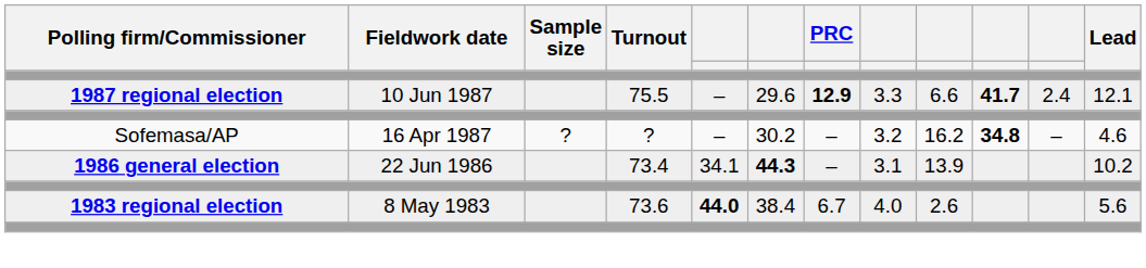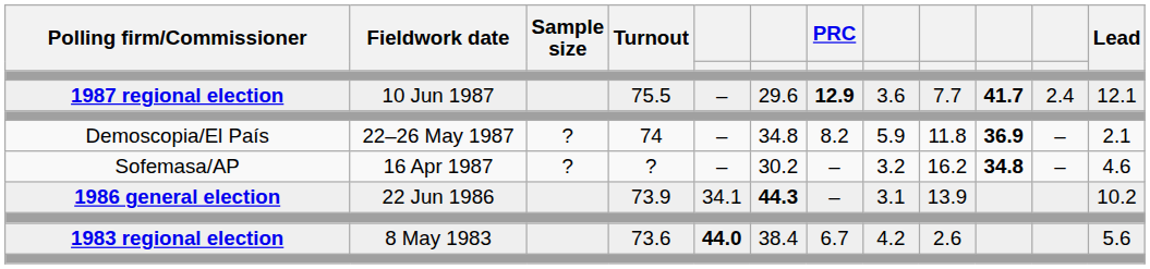 <table class="wikitable collapsible collapsed" style="text-align:center; font-size:95%; line-height:16px;">
 <tr style="height:42px;">
 <th style="width:250px;" rowspan="2">Polling firm/Commissioner</th>
 <th style="width:125px;" rowspan="2">Fieldwork date</th>
 <th style="width:50px;" rowspan="2">Sample size</th>
 <th style="width:45px;" rowspan="2">Turnout</th>
 <th style="width:35px;"></th>
 <th style="width:35px;"></th>
 <th style="width:35px;"><a href='#'>PRC</a></th>
 <th style="width:35px;"></th>
 <th style="width:35px;"></th>
 <th style="width:35px;"></th>
 <th style="width:35px;"></th>
 <th style="width:30px;" rowspan="2">Lead</th>
 </tr>
 <tr>
 <th style="color:inherit;background:"></th>
 <th style="color:inherit;background:"></th>
 <th style="color:inherit;background:"></th>
 <th style="color:inherit;background:"></th>
 <th style="color:inherit;background:"></th>
 <th style="color:inherit;background:"></th>
 <th style="color:inherit;background:"></th>
 </tr>
 <tr>
 <td colspan="12" style="background:#A0A0A0"></td>
 </tr>
 <tr style="background:#EFEFEF;">
 <td><strong><a href='#'>1987 regional election</a></strong></td>
 <td>10 Jun 1987</td>
 <td></td>
 <td>75.5</td>
 <td>–</td>
 <td>29.6<br></td>
 <td><strong>12.9<br></strong></td>
-<td>3.3<br></td>
-<td>6.6<br></td>
+<td>3.6<br></td>
+<td>7.7<br></td>
 <td><strong>41.7</strong><br></td>
 <td>2.4<br></td>
 <td style="background:">12.1</td>
 </tr>
 <tr>
 <td colspan="12" style="background:#A0A0A0"></td>
+</tr>
+<tr>
+<td>Demoscopia/El País</td>
+<td>22–26 May 1987</td>
+<td>?</td>
+<td>74</td>
+<td>–</td>
+<td>34.8<br></td>
+<td>8.2<br></td>
+<td>5.9<br></td>
+<td>11.8<br></td>
+<td><strong>36.9</strong><br></td>
+<td>–</td>
+<td style="background:">2.1</td>
 </tr>
 <tr>
 <td>Sofemasa/AP</td>
 <td>16 Apr 1987</td>
 <td>?</td>
 <td>?</td>
 <td>–</td>
 <td>30.2</td>
 <td>–</td>
 <td>3.2</td>
 <td>16.2</td>
 <td><strong>34.8</strong></td>
 <td>–</td>
 <td style="background:">4.6</td>
 </tr>
 <tr style="background:#EFEFEF;">
 <td><strong><a href='#'>1986 general election</a></strong></td>
 <td>22 Jun 1986</td>
 <td></td>
-<td>73.4</td>
+<td>73.9</td>
 <td>34.1<br></td>
 <td><strong>44.3</strong><br></td>
 <td>–</td>
 <td>3.1<br></td>
 <td>13.9<br></td>
 <td></td>
 <td></td>
 <td style="background:">10.2</td>
 </tr>
 <tr>
 <td colspan="12" style="background:#A0A0A0"></td>
 </tr>
 <tr style="background:#EFEFEF;">
 <td><strong><a href='#'>1983 regional election</a></strong></td>
 <td>8 May 1983</td>
 <td></td>
 <td>73.6</td>
 <td><strong>44.0</strong><br></td>
 <td>38.4<br></td>
 <td>6.7<br></td>
-<td>4.0<br></td>
+<td>4.2<br></td>
 <td>2.6<br></td>
 <td></td>
 <td></td>
 <td style="background:">5.6</td>
 </tr>
 <tr>
 <td colspan="12" style="background:#A0A0A0"></td>
 </tr>
 </table>
